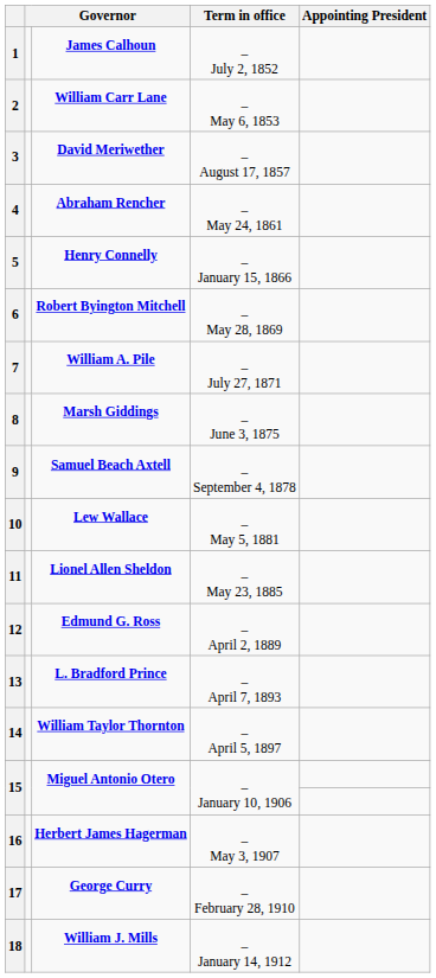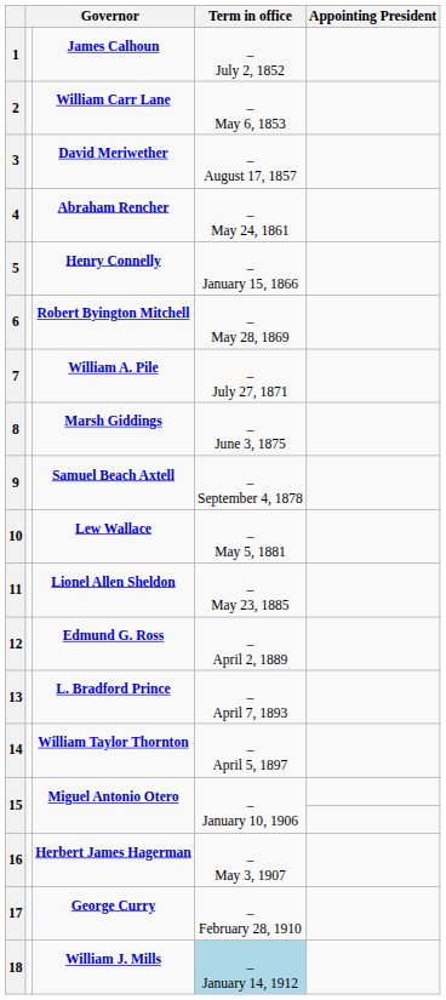 <table class="wikitable sortable" style="text-align:center;">
 <tr>
 <th scope="col" data-sort-type="number"></th>
 <th scope="colgroup" colspan="2">Governor</th>
 <th scope="col">Term in office</th>
 <th scope="col">Appointing President</th>
 </tr>
 <tr style="height:2em;">
 <th scope="row">1</th>
 <td data-sort-value="Calhoun, James"></td>
 <td><strong><a href='#'>James Calhoun</a></strong><br><br></td>
 <td><br>–<br>July 2, 1852<br></td>
 <td></td>
 </tr>
 <tr style="height:2em;">
 <th scope="row">2</th>
 <td data-sort-value="Lane, William"></td>
 <td><strong><a href='#'>William Carr Lane</a></strong><br><br></td>
 <td><br>–<br>May 6, 1853<br></td>
 <td></td>
 </tr>
 <tr style="height:2em;">
 <th scope="row">3</th>
 <td data-sort-value="Meriwether, David"></td>
 <td><strong><a href='#'>David Meriwether</a></strong><br><br></td>
 <td><br>–<br>August 17, 1857<br></td>
 <td></td>
 </tr>
 <tr style="height:2em;">
 <th scope="row">4</th>
 <td data-sort-value="Rencher, Abraham"></td>
 <td><strong><a href='#'>Abraham Rencher</a></strong><br><br></td>
 <td><br>–<br>May 24, 1861<br></td>
 <td></td>
 </tr>
 <tr style="height:2em;">
 <th scope="row">5</th>
 <td data-sort-value="Connelly, Henry"></td>
 <td><strong><a href='#'>Henry Connelly</a></strong><br><br></td>
 <td><br>–<br>January 15, 1866<br></td>
 <td></td>
 </tr>
 <tr style="height:2em;">
 <th scope="row">6</th>
 <td data-sort-value="Mitchell, Robert"></td>
 <td><strong><a href='#'>Robert Byington Mitchell</a></strong><br><br></td>
 <td><br>–<br>May 28, 1869<br></td>
 <td></td>
 </tr>
 <tr style="height:2em;">
 <th scope="row">7</th>
 <td data-sort-value="Pile, William"></td>
 <td><strong><a href='#'>William A. Pile</a></strong><br><br></td>
 <td><br>–<br>July 27, 1871<br></td>
 <td></td>
 </tr>
 <tr style="height:2em;">
 <th scope="row">8</th>
 <td data-sort-value="Giddings, Marsh"></td>
 <td><strong><a href='#'>Marsh Giddings</a></strong><br><br></td>
 <td><br>–<br>June 3, 1875<br></td>
 <td></td>
 </tr>
 <tr style="height:2em;">
 <th scope="row">9</th>
 <td data-sort-value="Axtell, Samuel"></td>
 <td><strong><a href='#'>Samuel Beach Axtell</a></strong><br><br></td>
 <td><br>–<br>September 4, 1878<br></td>
 <td></td>
 </tr>
 <tr style="height:2em;">
 <th scope="row">10</th>
 <td data-sort-value="Wallace, Lew"></td>
 <td><strong><a href='#'>Lew Wallace</a></strong><br><br></td>
 <td><br>–<br>May 5, 1881<br></td>
 <td></td>
 </tr>
 <tr style="height:2em;">
 <th scope="row">11</th>
 <td data-sort-value="Sheldon, Lionel"></td>
 <td><strong><a href='#'>Lionel Allen Sheldon</a></strong><br><br></td>
 <td><br>–<br>May 23, 1885<br></td>
 <td></td>
 </tr>
 <tr style="height:2em;">
 <th scope="row">12</th>
 <td data-sort-value="Ross, Edmund"></td>
 <td><strong><a href='#'>Edmund G. Ross</a></strong><br><br></td>
 <td><br>–<br>April 2, 1889<br></td>
 <td></td>
 </tr>
 <tr style="height:2em;">
 <th scope="row">13</th>
 <td data-sort-value="Prince, L. Bradford"></td>
 <td><strong><a href='#'>L. Bradford Prince</a></strong><br><br></td>
 <td><br>–<br>April 7, 1893<br></td>
 <td></td>
 </tr>
 <tr style="height:2em;">
 <th scope="row">14</th>
 <td data-sort-value="Thornton, William"></td>
 <td><strong><a href='#'>William Taylor Thornton</a></strong><br><br></td>
 <td><br>–<br>April 5, 1897<br></td>
 <td></td>
 </tr>
 <tr style="height:2em;">
 <th rowspan="2" scope="rowgroup">15</th>
 <td rowspan="2" data-sort-value="Otero, Miguel"></td>
 <td rowspan="2"><strong><a href='#'>Miguel Antonio Otero</a></strong><br><br></td>
 <td rowspan="2"><br>–<br>January 10, 1906<br></td>
 <td></td>
 </tr>
 <tr style="height:2em;">
 <td></td>
 </tr>
 <tr style="height:2em;">
 <th scope="row">16</th>
 <td data-sort-value="Hagerman, Herbert"></td>
 <td><strong><a href='#'>Herbert James Hagerman</a></strong><br><br></td>
 <td><br>–<br>May 3, 1907<br></td>
 <td></td>
 </tr>
 <tr style="height:2em;">
 <th scope="row">17</th>
 <td data-sort-value="Curry, George"></td>
 <td><strong><a href='#'>George Curry</a></strong><br><br></td>
 <td><br>–<br>February 28, 1910<br></td>
 <td></td>
 </tr>
 <tr style="height:2em;">
 <th scope="row">18</th>
 <td data-sort-value="Mills, William"></td>
 <td><strong><a href='#'>William J. Mills</a></strong><br><br></td>
-<td><br>–<br>January 14, 1912<br></td>
+<td style="background: lightblue;"><br>–<br>January 14, 1912<br></td>
 <td></td>
 </tr>
 </table>
